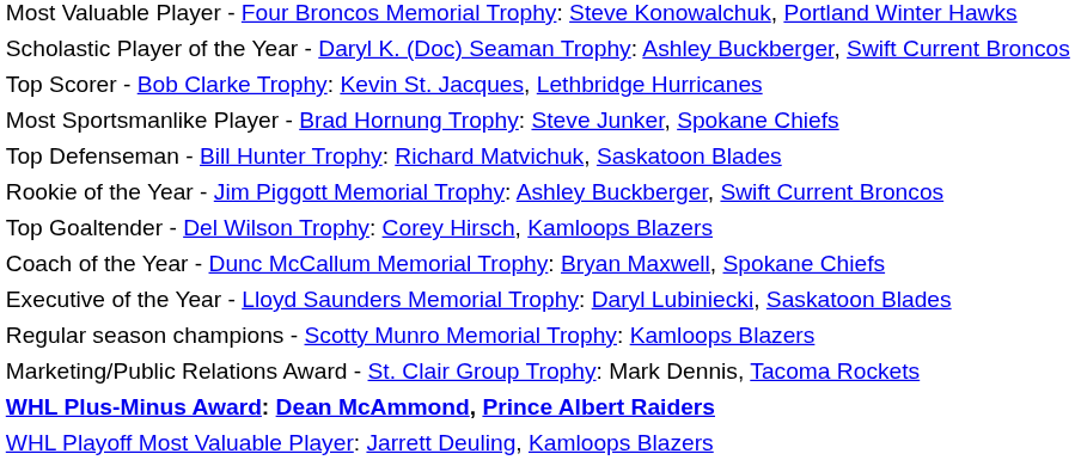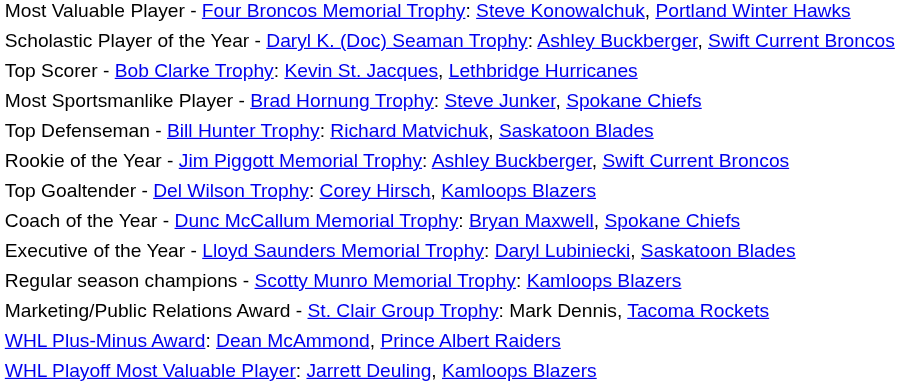 <table cellpadding="3" cellspacing="1">
 <tr>
 <td>Most Valuable Player - <a href='#'>Four Broncos Memorial Trophy</a>: <a href='#'>Steve Konowalchuk</a>, <a href='#'>Portland Winter Hawks</a></td>
 </tr>
 <tr>
 <td>Scholastic Player of the Year - <a href='#'>Daryl K. (Doc) Seaman Trophy</a>: <a href='#'>Ashley Buckberger</a>, <a href='#'>Swift Current Broncos</a></td>
 </tr>
 <tr>
 <td>Top Scorer - <a href='#'>Bob Clarke Trophy</a>: <a href='#'>Kevin St. Jacques</a>, <a href='#'>Lethbridge Hurricanes</a></td>
 </tr>
 <tr>
 <td>Most Sportsmanlike Player - <a href='#'>Brad Hornung Trophy</a>: <a href='#'>Steve Junker</a>, <a href='#'>Spokane Chiefs</a></td>
 </tr>
 <tr>
 <td>Top Defenseman - <a href='#'>Bill Hunter Trophy</a>: <a href='#'>Richard Matvichuk</a>, <a href='#'>Saskatoon Blades</a></td>
 </tr>
 <tr>
 <td>Rookie of the Year - <a href='#'>Jim Piggott Memorial Trophy</a>: <a href='#'>Ashley Buckberger</a>, <a href='#'>Swift Current Broncos</a></td>
 </tr>
 <tr>
 <td>Top Goaltender - <a href='#'>Del Wilson Trophy</a>: <a href='#'>Corey Hirsch</a>, <a href='#'>Kamloops Blazers</a></td>
 </tr>
 <tr>
 <td>Coach of the Year - <a href='#'>Dunc McCallum Memorial Trophy</a>: <a href='#'>Bryan Maxwell</a>, <a href='#'>Spokane Chiefs</a></td>
 </tr>
 <tr>
 <td>Executive of the Year - <a href='#'>Lloyd Saunders Memorial Trophy</a>: <a href='#'>Daryl Lubiniecki</a>, <a href='#'>Saskatoon Blades</a></td>
 </tr>
 <tr>
 <td>Regular season champions - <a href='#'>Scotty Munro Memorial Trophy</a>: <a href='#'>Kamloops Blazers</a></td>
 </tr>
 <tr>
 <td>Marketing/Public Relations Award - <a href='#'>St. Clair Group Trophy</a>: Mark Dennis, <a href='#'>Tacoma Rockets</a></td>
 </tr>
 <tr>
-<td><strong><a href='#'>WHL Plus-Minus Award</a>: <a href='#'>Dean McAmmond</a>, <a href='#'>Prince Albert Raiders</a></strong></td>
+<td><a href='#'>WHL Plus-Minus Award</a>: <a href='#'>Dean McAmmond</a>, <a href='#'>Prince Albert Raiders</a></td>
 </tr>
 <tr>
 <td><a href='#'>WHL Playoff Most Valuable Player</a>: <a href='#'>Jarrett Deuling</a>, <a href='#'>Kamloops Blazers</a></td>
 </tr>
 </table>
